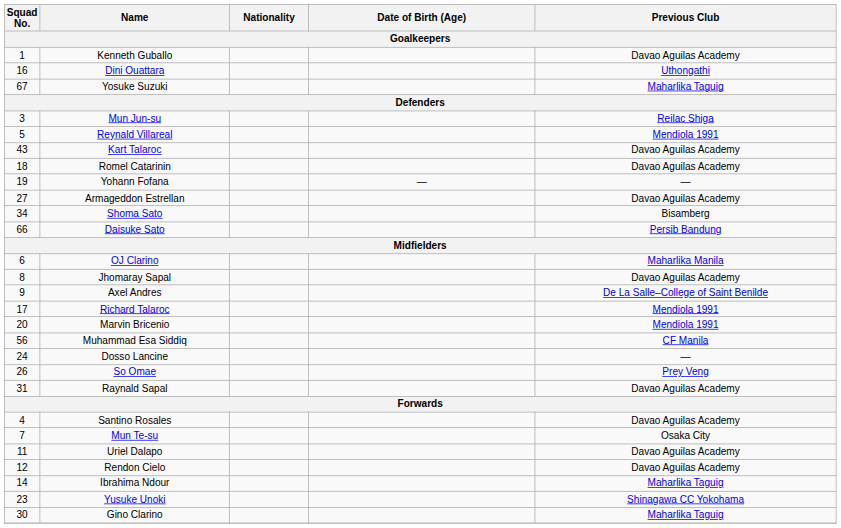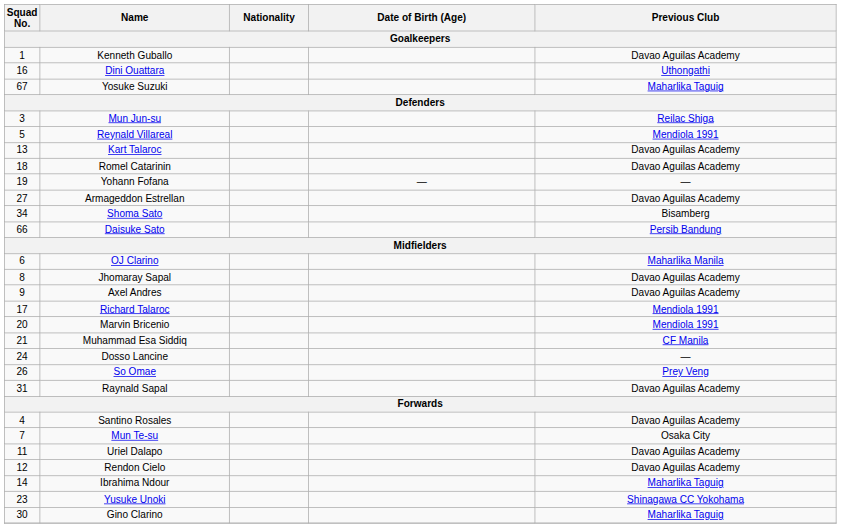 <table class="wikitable" style="text-align:center; font-size:85%;">
 <tr>
 <th style="width:40px;">Squad No.</th>
 <th style="width:250px;">Name</th>
 <th style="width:100px;">Nationality</th>
 <th style="width:300px;">Date of Birth (Age)</th>
 <th style="width:400px;">Previous Club</th>
 </tr>
 <tr>
 <th colspan=5>Goalkeepers</th>
 </tr>
 <tr>
 <td>1</td>
 <td>Kenneth Guballo</td>
 <td></td>
 <td></td>
 <td> Davao Aguilas Academy</td>
 </tr>
 <tr>
 <td>16</td>
 <td><a href='#'>Dini Ouattara</a></td>
 <td></td>
 <td></td>
 <td> <a href='#'>Uthongathi</a></td>
 </tr>
 <tr>
 <td>67</td>
 <td>Yosuke Suzuki</td>
 <td> </td>
 <td></td>
 <td> <a href='#'>Maharlika Taguig</a></td>
 </tr>
 <tr>
 <th colspan=5>Defenders</th>
 </tr>
 <tr>
 <td>3</td>
 <td><a href='#'>Mun Jun-su</a></td>
 <td></td>
 <td></td>
 <td> <a href='#'>Reilac Shiga</a></td>
 </tr>
 <tr>
 <td>5</td>
 <td><a href='#'>Reynald Villareal</a></td>
 <td></td>
 <td></td>
 <td> <a href='#'>Mendiola 1991</a></td>
 </tr>
 <tr>
-<td>43</td>
+<td>13</td>
 <td><a href='#'>Kart Talaroc</a></td>
 <td></td>
 <td></td>
 <td> Davao Aguilas Academy</td>
 </tr>
 <tr>
 <td>18</td>
 <td>Romel Catarinin</td>
 <td></td>
 <td></td>
 <td> Davao Aguilas Academy</td>
 </tr>
 <tr>
 <td>19</td>
 <td>Yohann Fofana</td>
 <td></td>
 <td>—</td>
 <td>—</td>
 </tr>
 <tr>
 <td>27</td>
 <td>Armageddon Estrellan</td>
 <td></td>
 <td></td>
 <td> Davao Aguilas Academy</td>
 </tr>
 <tr>
 <td>34</td>
 <td><a href='#'>Shoma Sato</a></td>
 <td></td>
 <td></td>
 <td> Bisamberg</td>
 </tr>
 <tr>
 <td>66</td>
 <td><a href='#'>Daisuke Sato</a></td>
 <td></td>
 <td></td>
 <td> <a href='#'>Persib Bandung</a></td>
 </tr>
 <tr>
 <th colspan=5>Midfielders</th>
 </tr>
 <tr>
 <td>6</td>
 <td><a href='#'>OJ Clarino</a></td>
 <td></td>
 <td></td>
 <td> <a href='#'>Maharlika Manila</a></td>
 </tr>
 <tr>
 <td>8</td>
 <td>Jhomaray Sapal</td>
 <td></td>
 <td></td>
 <td> Davao Aguilas Academy</td>
 </tr>
 <tr>
 <td>9</td>
 <td>Axel Andres</td>
 <td></td>
 <td></td>
-<td> <a href='#'>De La Salle–College of Saint Benilde</a></td>
+<td> Davao Aguilas Academy</td>
 </tr>
 <tr>
 <td>17</td>
 <td><a href='#'>Richard Talaroc</a></td>
 <td></td>
 <td></td>
 <td> <a href='#'>Mendiola 1991</a></td>
 </tr>
 <tr>
 <td>20</td>
 <td>Marvin Bricenio</td>
 <td> </td>
 <td></td>
 <td> <a href='#'>Mendiola 1991</a></td>
 </tr>
 <tr>
-<td>56</td>
+<td>21</td>
 <td>Muhammad Esa Siddiq</td>
 <td> </td>
 <td></td>
 <td> <a href='#'>CF Manila</a></td>
 </tr>
 <tr>
 <td>24</td>
 <td>Dosso Lancine</td>
 <td></td>
 <td></td>
 <td>—</td>
 </tr>
 <tr>
 <td>26</td>
 <td><a href='#'>So Omae</a></td>
 <td></td>
 <td></td>
 <td> <a href='#'>Prey Veng</a></td>
 </tr>
 <tr>
 <td>31</td>
 <td>Raynald Sapal</td>
 <td></td>
 <td></td>
 <td> Davao Aguilas Academy</td>
 </tr>
 <tr>
 <th colspan=5>Forwards</th>
 </tr>
 <tr>
 <td>4</td>
 <td>Santino Rosales</td>
 <td></td>
 <td></td>
 <td> Davao Aguilas Academy</td>
 </tr>
 <tr>
 <td>7</td>
 <td><a href='#'>Mun Te-su</a></td>
 <td></td>
 <td></td>
 <td> Osaka City</td>
 </tr>
 <tr>
 <td>11</td>
 <td>Uriel Dalapo</td>
 <td></td>
 <td></td>
 <td> Davao Aguilas Academy</td>
 </tr>
 <tr>
 <td>12</td>
 <td>Rendon Cielo</td>
 <td></td>
 <td></td>
 <td> Davao Aguilas Academy</td>
 </tr>
 <tr>
 <td>14</td>
 <td>Ibrahima Ndour</td>
 <td></td>
 <td></td>
 <td> <a href='#'>Maharlika Taguig</a></td>
 </tr>
 <tr>
 <td>23</td>
 <td><a href='#'>Yusuke Unoki</a></td>
 <td></td>
 <td></td>
 <td> <a href='#'>Shinagawa CC Yokohama</a></td>
 </tr>
 <tr>
 <td>30</td>
 <td>Gino Clarino</td>
 <td></td>
 <td></td>
 <td> <a href='#'>Maharlika Taguig</a></td>
 </tr>
 <tr>
 </tr>
 </table>
